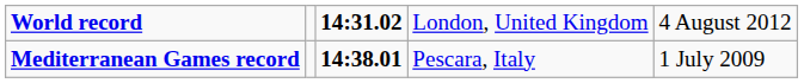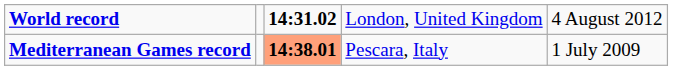 <table class="wikitable">
 <tr>
 <td><strong><a href='#'>World record</a></strong></td>
 <td></td>
 <td><strong>14:31.02</strong></td>
 <td><a href='#'>London</a>, <a href='#'>United Kingdom</a></td>
 <td>4 August 2012</td>
 </tr>
 <tr>
 <td><strong><a href='#'>Mediterranean Games record</a></strong></td>
 <td></td>
-<td><strong>14:38.01</strong></td>
+<td style="background: lightsalmon;"><strong>14:38.01</strong></td>
 <td><a href='#'>Pescara</a>, <a href='#'>Italy</a></td>
 <td>1 July 2009</td>
 </tr>
 </table>
